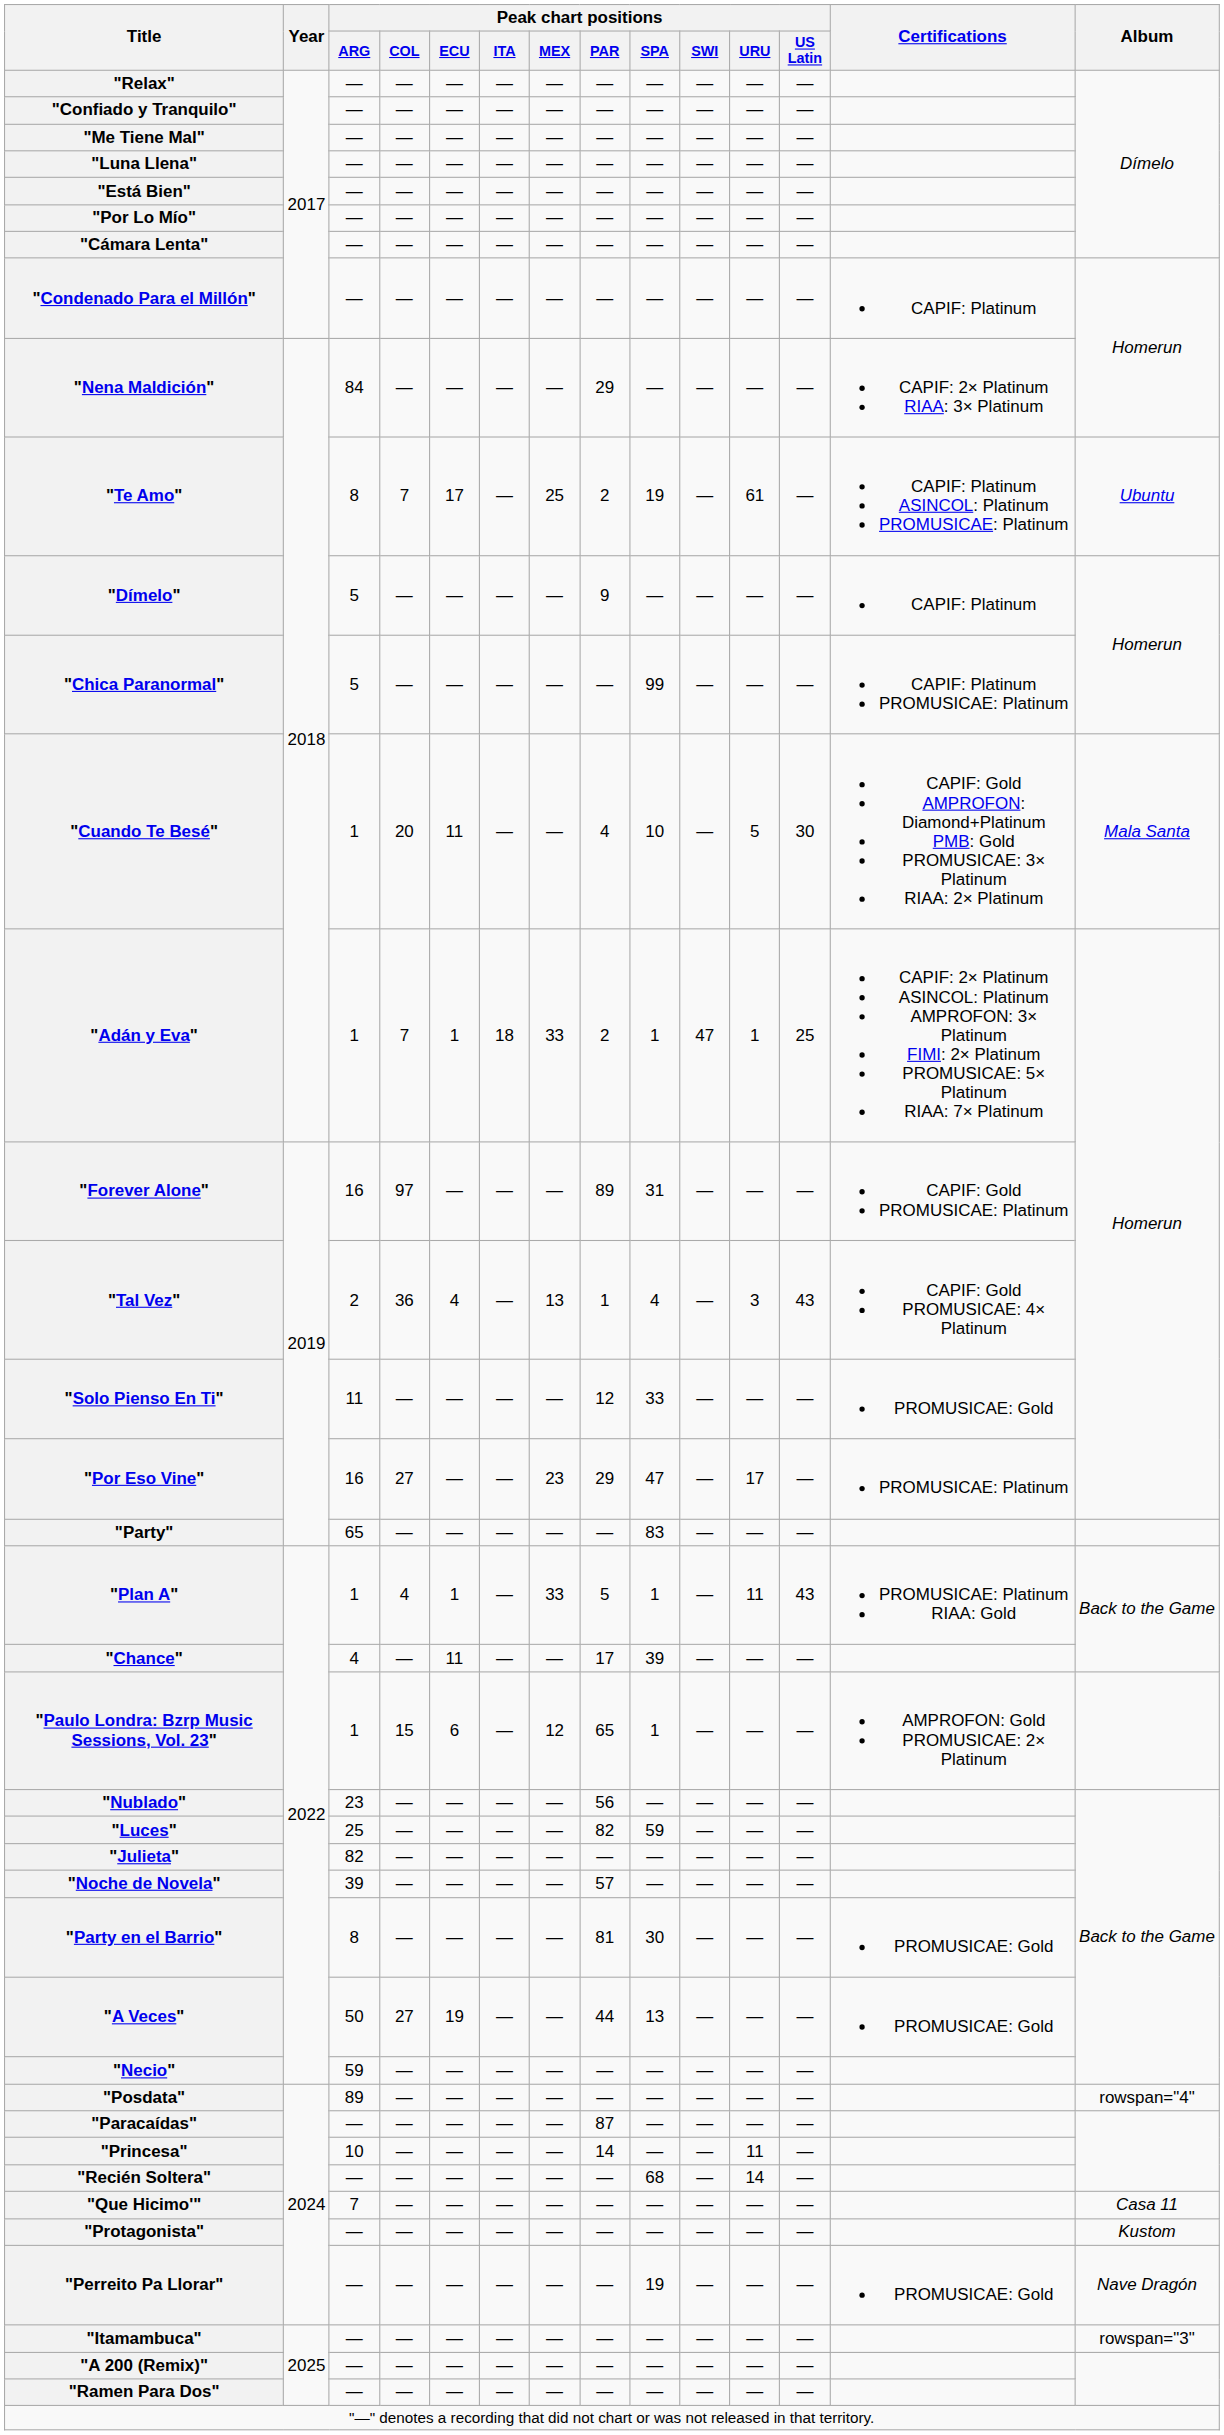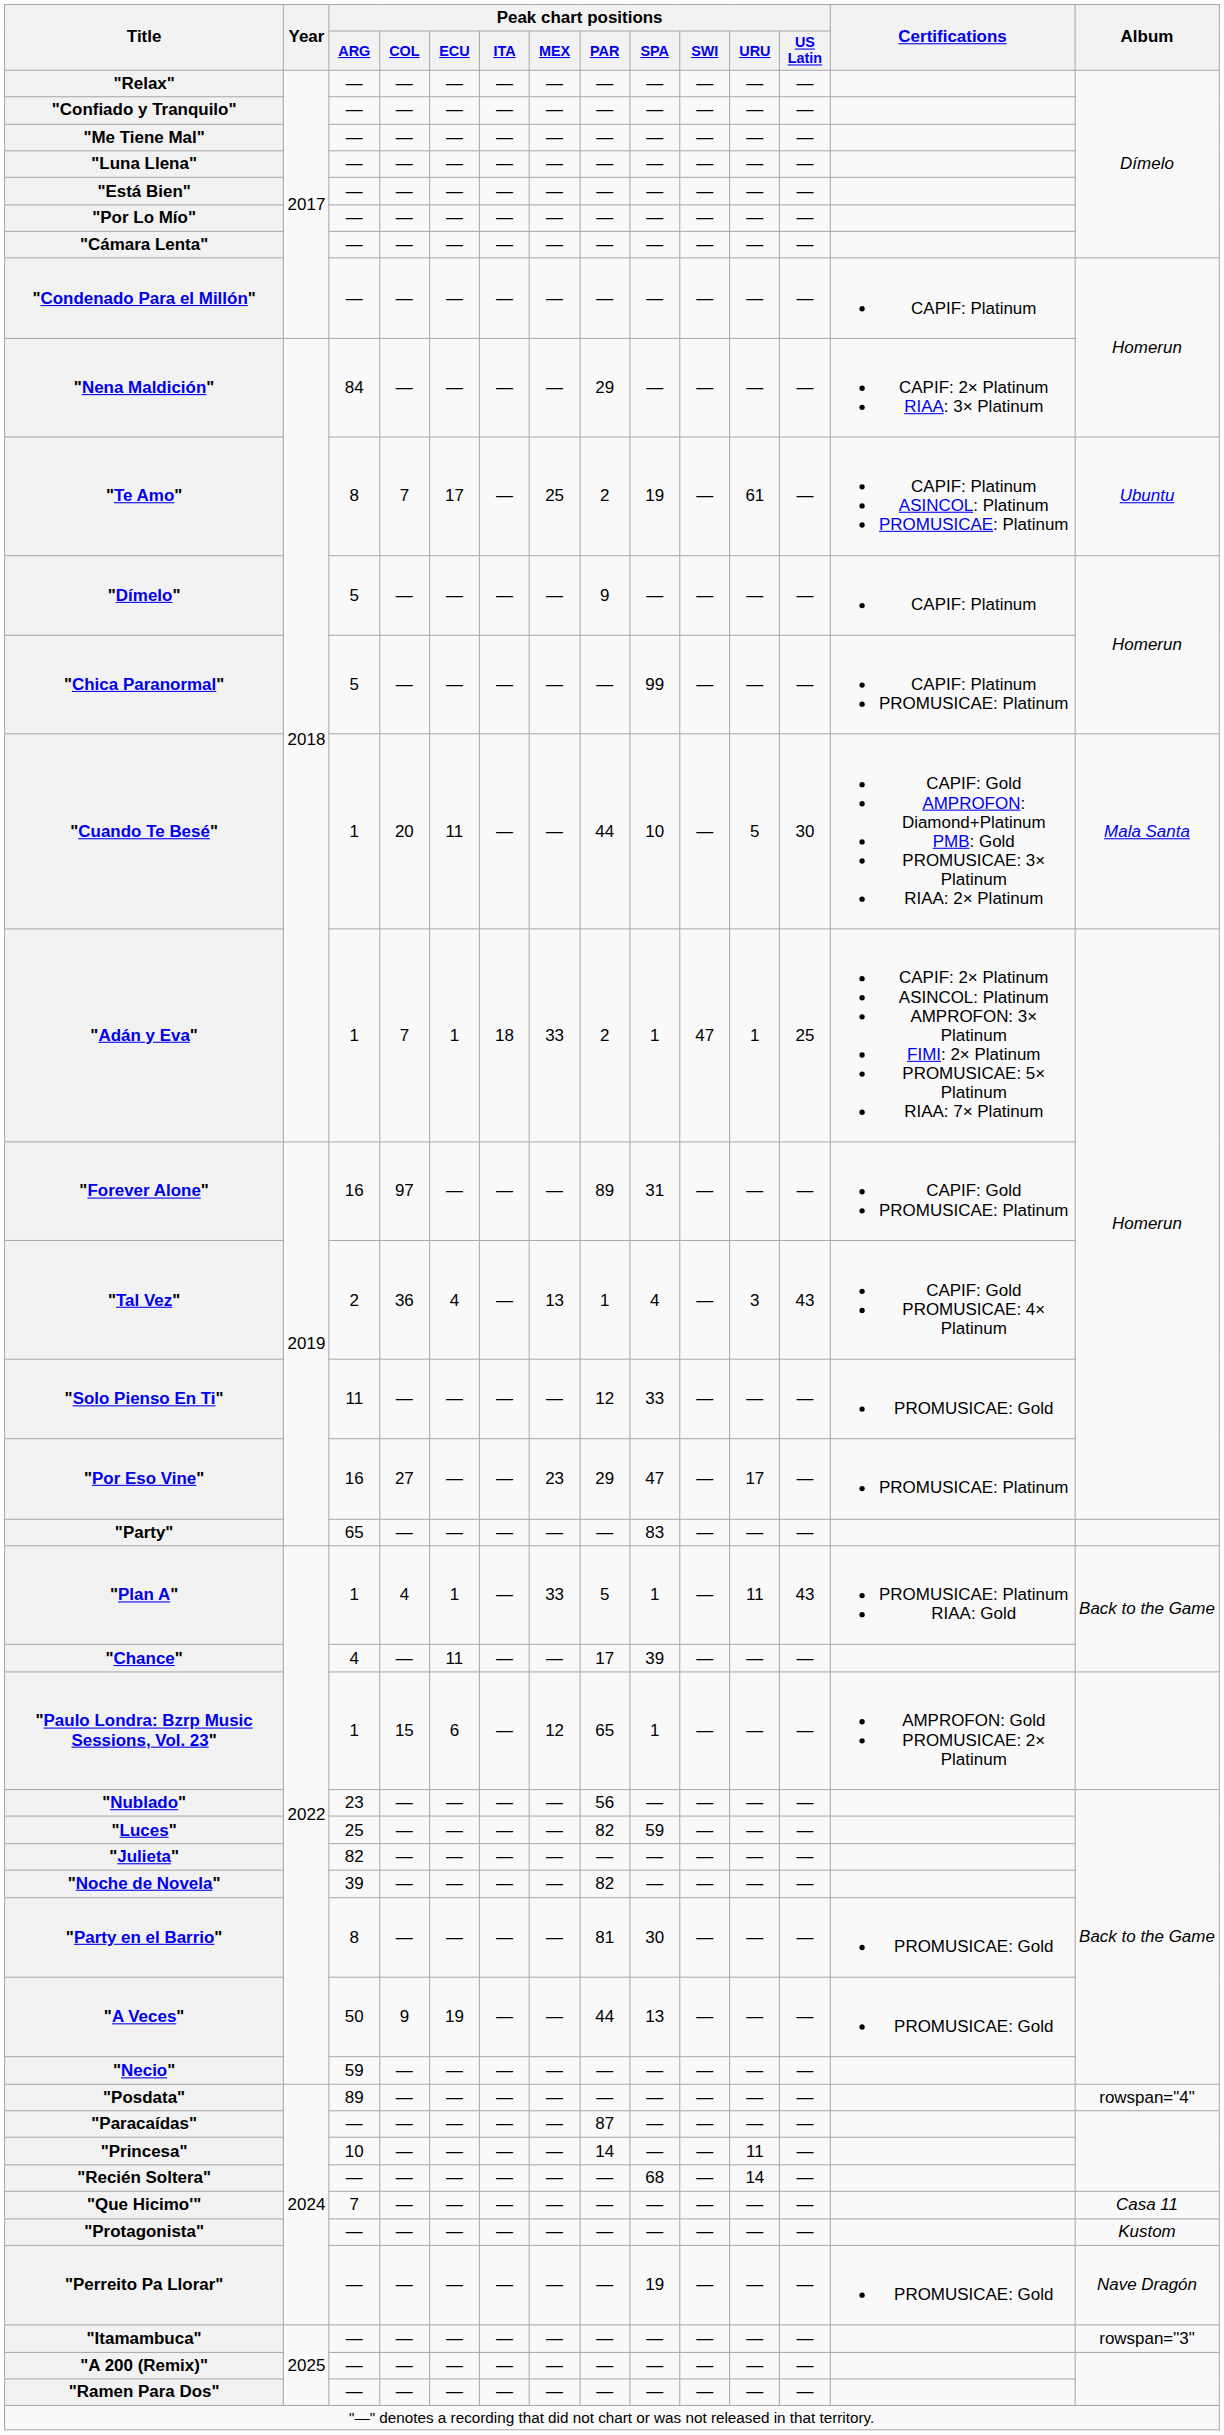 <table class="wikitable plainrowheaders" style="text-align:center;">
 <tr>
 <th scope="col" rowspan="2" style="width:16em;">Title</th>
 <th scope="col" rowspan="2" style="width:1em;">Year</th>
 <th scope="col" colspan="10">Peak chart positions</th>
 <th scope="col" rowspan="2" style="width:14em;"><a href='#'>Certifications</a></th>
 <th scope="col" rowspan="2">Album</th>
 </tr>
 <tr>
 <th scope="col" style="width:3em;font-size:85%;"><a href='#'>ARG</a><br></th>
 <th scope="col" style="width:3em;font-size:85%;"><a href='#'>COL</a><br></th>
 <th scope="col" style="width:3em;font-size:85%;"><a href='#'>ECU</a><br></th>
 <th scope="col" style="width:3em;font-size:85%;"><a href='#'>ITA</a><br></th>
 <th scope="col" style="width:3em;font-size:85%;"><a href='#'>MEX</a><br></th>
 <th scope="col" style="width:3em;font-size:85%;"><a href='#'>PAR</a><br></th>
 <th scope="col" style="width:3em;font-size:85%;"><a href='#'>SPA</a><br></th>
 <th scope="col" style="width:3em;font-size:85%;"><a href='#'>SWI</a><br></th>
 <th scope="col" style="width:3em;font-size:85%;"><a href='#'>URU</a><br></th>
 <th scope="col" style="width:3em;font-size:85%;"><a href='#'>US<br>Latin</a><br></th>
 </tr>
 <tr>
 <th scope="row">"Relax"</th>
 <td rowspan="8">2017</td>
 <td>—</td>
 <td>—</td>
 <td>—</td>
 <td>—</td>
 <td>—</td>
 <td>—</td>
 <td>—</td>
 <td>—</td>
 <td>—</td>
 <td>—</td>
 <td></td>
 <td rowspan="7"><em>Dímelo</em></td>
 </tr>
 <tr>
 <th scope="row">"Confiado y Tranquilo"</th>
 <td>—</td>
 <td>—</td>
 <td>—</td>
 <td>—</td>
 <td>—</td>
 <td>—</td>
 <td>—</td>
 <td>—</td>
 <td>—</td>
 <td>—</td>
 <td></td>
 </tr>
 <tr>
 <th scope="row">"Me Tiene Mal"</th>
 <td>—</td>
 <td>—</td>
 <td>—</td>
 <td>—</td>
 <td>—</td>
 <td>—</td>
 <td>—</td>
 <td>—</td>
 <td>—</td>
 <td>—</td>
 <td></td>
 </tr>
 <tr>
 <th scope="row">"Luna Llena"</th>
 <td>—</td>
 <td>—</td>
 <td>—</td>
 <td>—</td>
 <td>—</td>
 <td>—</td>
 <td>—</td>
 <td>—</td>
 <td>—</td>
 <td>—</td>
 <td></td>
 </tr>
 <tr>
 <th scope="row">"Está Bien"<br></th>
 <td>—</td>
 <td>—</td>
 <td>—</td>
 <td>—</td>
 <td>—</td>
 <td>—</td>
 <td>—</td>
 <td>—</td>
 <td>—</td>
 <td>—</td>
 <td></td>
 </tr>
 <tr>
 <th scope="row">"Por Lo Mío"</th>
 <td>—</td>
 <td>—</td>
 <td>—</td>
 <td>—</td>
 <td>—</td>
 <td>—</td>
 <td>—</td>
 <td>—</td>
 <td>—</td>
 <td>—</td>
 <td></td>
 </tr>
 <tr>
 <th scope="row">"Cámara Lenta"</th>
 <td>—</td>
 <td>—</td>
 <td>—</td>
 <td>—</td>
 <td>—</td>
 <td>—</td>
 <td>—</td>
 <td>—</td>
 <td>—</td>
 <td>—</td>
 <td></td>
 </tr>
 <tr>
 <th scope="row">"<a href='#'>Condenado Para el Millón</a>"</th>
 <td>—</td>
 <td>—</td>
 <td>—</td>
 <td>—</td>
 <td>—</td>
 <td>—</td>
 <td>—</td>
 <td>—</td>
 <td>—</td>
 <td>—</td>
 <td><br><ul><li>CAPIF: Platinum</li></ul></td>
 <td rowspan="2"><em>Homerun</em></td>
 </tr>
 <tr>
 <th scope="row">"<a href='#'>Nena Maldición</a>"<br></th>
 <td rowspan="6">2018</td>
 <td>84</td>
 <td>—</td>
 <td>—</td>
 <td>—</td>
 <td>—</td>
 <td>29</td>
 <td>—</td>
 <td>—</td>
 <td>—</td>
 <td>—</td>
 <td><br><ul><li>CAPIF: 2× Platinum</li><li><a href='#'>RIAA</a>: 3× Platinum </li></ul></td>
 </tr>
 <tr>
 <th scope="row">"<a href='#'>Te Amo</a>"<br></th>
 <td>8</td>
 <td>7</td>
 <td>17</td>
 <td>—</td>
 <td>25</td>
 <td>2</td>
 <td>19</td>
 <td>—</td>
 <td>61</td>
 <td>—</td>
 <td><br><ul><li>CAPIF: Platinum </li><li><a href='#'>ASINCOL</a>: Platinum</li><li><a href='#'>PROMUSICAE</a>: Platinum</li></ul></td>
 <td><em><a href='#'>Ubuntu</a></em></td>
 </tr>
 <tr>
 <th scope="row">"<a href='#'>Dímelo</a>"</th>
 <td>5</td>
 <td>—</td>
 <td>—</td>
 <td>—</td>
 <td>—</td>
 <td>9</td>
 <td>—</td>
 <td>—</td>
 <td>—</td>
 <td>—</td>
 <td><br><ul><li>CAPIF: Platinum</li></ul></td>
 <td rowspan="2"><em>Homerun</em></td>
 </tr>
 <tr>
 <th scope="row">"<a href='#'>Chica Paranormal</a>"</th>
 <td>5</td>
 <td>—</td>
 <td>—</td>
 <td>—</td>
 <td>—</td>
 <td>—</td>
 <td>99</td>
 <td>—</td>
 <td>—</td>
 <td>—</td>
 <td><br><ul><li>CAPIF: Platinum</li><li>PROMUSICAE: Platinum</li></ul></td>
 </tr>
 <tr>
 <th scope="row">"<a href='#'>Cuando Te Besé</a>"<br></th>
 <td>1</td>
 <td>20</td>
 <td>11</td>
 <td>—</td>
 <td>—</td>
-<td>4</td>
+<td>44</td>
 <td>10</td>
 <td>—</td>
 <td>5</td>
 <td>30</td>
 <td><br><ul><li>CAPIF: Gold</li><li><a href='#'>AMPROFON</a>: Diamond+Platinum</li><li><a href='#'>PMB</a>: Gold</li><li>PROMUSICAE: 3× Platinum</li><li>RIAA: 2× Platinum </li></ul></td>
 <td><em><a href='#'>Mala Santa</a></em></td>
 </tr>
 <tr>
 <th scope="row">"<a href='#'>Adán y Eva</a>"</th>
 <td>1</td>
 <td>7</td>
 <td>1</td>
 <td>18</td>
 <td>33</td>
 <td>2</td>
 <td>1</td>
 <td>47</td>
 <td>1</td>
 <td>25</td>
 <td><br><ul><li>CAPIF: 2× Platinum</li><li>ASINCOL: Platinum</li><li>AMPROFON: 3× Platinum</li><li><a href='#'>FIMI</a>: 2× Platinum</li><li>PROMUSICAE: 5× Platinum</li><li>RIAA: 7× Platinum </li></ul></td>
 <td rowspan="5"><em>Homerun</em></td>
 </tr>
 <tr>
 <th scope="row">"<a href='#'>Forever Alone</a>"</th>
 <td rowspan="5">2019</td>
 <td>16</td>
 <td>97</td>
 <td>—</td>
 <td>—</td>
 <td>—</td>
 <td>89</td>
 <td>31</td>
 <td>—</td>
 <td>—</td>
 <td>—</td>
 <td><br><ul><li>CAPIF: Gold</li><li>PROMUSICAE: Platinum</li></ul></td>
 </tr>
 <tr>
 <th scope="row">"<a href='#'>Tal Vez</a>"</th>
 <td>2</td>
 <td>36</td>
 <td>4</td>
 <td>—</td>
 <td>13</td>
 <td>1</td>
 <td>4</td>
 <td>—</td>
 <td>3</td>
 <td>43</td>
 <td><br><ul><li>CAPIF: Gold</li><li>PROMUSICAE: 4× Platinum</li></ul></td>
 </tr>
 <tr>
 <th scope="row">"<a href='#'>Solo Pienso En Ti</a>"<br></th>
 <td>11</td>
 <td>—</td>
 <td>—</td>
 <td>—</td>
 <td>—</td>
 <td>12</td>
 <td>33</td>
 <td>—</td>
 <td>—</td>
 <td>—</td>
 <td><br><ul><li>PROMUSICAE: Gold</li></ul></td>
 </tr>
 <tr>
 <th scope="row">"<a href='#'>Por Eso Vine</a>"</th>
 <td>16</td>
 <td>27</td>
 <td>—</td>
 <td>—</td>
 <td>23</td>
 <td>29</td>
 <td>47</td>
 <td>—</td>
 <td>17</td>
 <td>—</td>
 <td><br><ul><li>PROMUSICAE: Platinum</li></ul></td>
 </tr>
 <tr>
 <th scope="row">"Party"<br></th>
 <td>65</td>
 <td>—</td>
 <td>—</td>
 <td>—</td>
 <td>—</td>
 <td>—</td>
 <td>83</td>
 <td>—</td>
 <td>—</td>
 <td>—</td>
 <td></td>
 <td></td>
 </tr>
 <tr>
 <th scope="row">"<a href='#'>Plan A</a>"</th>
 <td rowspan="10">2022</td>
 <td>1</td>
 <td>4</td>
 <td>1</td>
 <td>—</td>
 <td>33</td>
 <td>5</td>
 <td>1</td>
 <td>—</td>
 <td>11</td>
 <td>43</td>
 <td><br><ul><li>PROMUSICAE: Platinum</li><li>RIAA: Gold </li></ul></td>
 <td rowspan="2"><em>Back to the Game</em></td>
 </tr>
 <tr>
 <th scope="row">"<a href='#'>Chance</a>"</th>
 <td>4</td>
 <td>—</td>
 <td>11</td>
 <td>—</td>
 <td>—</td>
 <td>17</td>
 <td>39</td>
 <td>—</td>
 <td>—</td>
 <td>—</td>
 <td></td>
 </tr>
 <tr>
 <th scope="row">"<a href='#'>Paulo Londra: Bzrp Music Sessions, Vol. 23</a>"<br></th>
 <td>1</td>
 <td>15</td>
 <td>6</td>
 <td>—</td>
 <td>12</td>
 <td>65</td>
 <td>1</td>
 <td>—</td>
 <td>—</td>
 <td>—</td>
 <td><br><ul><li>AMPROFON: Gold</li><li>PROMUSICAE: 2× Platinum</li></ul></td>
 <td></td>
 </tr>
 <tr>
 <th scope="row">"<a href='#'>Nublado</a>"<br></th>
 <td>23</td>
 <td>—</td>
 <td>—</td>
 <td>—</td>
 <td>—</td>
 <td>56</td>
 <td>—</td>
 <td>—</td>
 <td>—</td>
 <td>—</td>
 <td></td>
 <td rowspan="7"><em>Back to the Game</em></td>
 </tr>
 <tr>
 <th scope="row">"<a href='#'>Luces</a>"</th>
 <td>25</td>
 <td>—</td>
 <td>—</td>
 <td>—</td>
 <td>—</td>
 <td>82</td>
 <td>59</td>
 <td>—</td>
 <td>—</td>
 <td>—</td>
 <td></td>
 </tr>
 <tr>
 <th scope="row">"<a href='#'>Julieta</a>"</th>
 <td>82</td>
 <td>—</td>
 <td>—</td>
 <td>—</td>
 <td>—</td>
 <td>—</td>
 <td>—</td>
 <td>—</td>
 <td>—</td>
 <td>—</td>
 <td></td>
 </tr>
 <tr>
 <th scope="row">"<a href='#'>Noche de Novela</a>"<br></th>
 <td>39</td>
 <td>—</td>
 <td>—</td>
 <td>—</td>
 <td>—</td>
-<td>57</td>
+<td>82</td>
 <td>—</td>
 <td>—</td>
 <td>—</td>
 <td>—</td>
 <td></td>
 </tr>
 <tr>
 <th scope="row">"<a href='#'>Party en el Barrio</a>"<br></th>
 <td>8</td>
 <td>—</td>
 <td>—</td>
 <td>—</td>
 <td>—</td>
 <td>81</td>
 <td>30</td>
 <td>—</td>
 <td>—</td>
 <td>—</td>
 <td><br><ul><li>PROMUSICAE: Gold</li></ul></td>
 </tr>
 <tr>
 <th scope="row">"<a href='#'>A Veces</a>"<br></th>
 <td>50</td>
-<td>27</td>
+<td>9</td>
 <td>19</td>
 <td>—</td>
 <td>—</td>
 <td>44</td>
 <td>13</td>
 <td>—</td>
 <td>—</td>
 <td>—</td>
 <td><br><ul><li>PROMUSICAE: Gold</li></ul></td>
 </tr>
 <tr>
 <th scope="row">"<a href='#'>Necio</a>"<br></th>
 <td>59</td>
 <td>—</td>
 <td>—</td>
 <td>—</td>
 <td>—</td>
 <td>—</td>
 <td>—</td>
 <td>—</td>
 <td>—</td>
 <td>—</td>
 <td></td>
 </tr>
 <tr>
 <th scope="row">"Posdata"</th>
 <td rowspan="7">2024</td>
 <td>89</td>
 <td>—</td>
 <td>—</td>
 <td>—</td>
 <td>—</td>
 <td>—</td>
 <td>—</td>
 <td>—</td>
 <td>—</td>
 <td>—</td>
 <td></td>
 <td>rowspan="4" </td>
 </tr>
 <tr>
 <th scope="row">"Paracaídas"</th>
 <td>—</td>
 <td>—</td>
 <td>—</td>
 <td>—</td>
 <td>—</td>
 <td>87</td>
 <td>—</td>
 <td>—</td>
 <td>—</td>
 <td>—</td>
 <td></td>
 </tr>
 <tr>
 <th scope="row">"Princesa"<br></th>
 <td>10</td>
 <td>—</td>
 <td>—</td>
 <td>—</td>
 <td>—</td>
 <td>14</td>
 <td>—</td>
 <td>—</td>
 <td>11</td>
 <td>—</td>
 <td></td>
 </tr>
 <tr>
 <th scope="row">"Recién Soltera"</th>
 <td>—</td>
 <td>—</td>
 <td>—</td>
 <td>—</td>
 <td>—</td>
 <td>—</td>
 <td>68</td>
 <td>—</td>
 <td>14</td>
 <td>—</td>
 <td></td>
 </tr>
 <tr>
 <th scope="row">"Que Hicimo'"<br></th>
 <td>7</td>
 <td>—</td>
 <td>—</td>
 <td>—</td>
 <td>—</td>
 <td>—</td>
 <td>—</td>
 <td>—</td>
 <td>—</td>
 <td>—</td>
 <td></td>
 <td><em>Casa 11</em></td>
 </tr>
 <tr>
 <th scope="row">"Protagonista"<br></th>
 <td>—</td>
 <td>—</td>
 <td>—</td>
 <td>—</td>
 <td>—</td>
 <td>—</td>
 <td>—</td>
 <td>—</td>
 <td>—</td>
 <td>—</td>
 <td></td>
 <td><em>Kustom</em></td>
 </tr>
 <tr>
 <th scope="row">"Perreito Pa Llorar"<br></th>
 <td>—</td>
 <td>—</td>
 <td>—</td>
 <td>—</td>
 <td>—</td>
 <td>—</td>
 <td>19</td>
 <td>—</td>
 <td>—</td>
 <td>—</td>
 <td><br><ul><li>PROMUSICAE: Gold</li></ul></td>
 <td><em>Nave Dragón</em></td>
 </tr>
 <tr>
 <th scope="row">"Itamambuca"<br></th>
 <td rowspan="3">2025</td>
 <td>—</td>
 <td>—</td>
 <td>—</td>
 <td>—</td>
 <td>—</td>
 <td>—</td>
 <td>—</td>
 <td>—</td>
 <td>—</td>
 <td>—</td>
 <td></td>
 <td>rowspan="3" </td>
 </tr>
 <tr>
 <th scope="row">"A 200 (Remix)"<br></th>
 <td>—</td>
 <td>—</td>
 <td>—</td>
 <td>—</td>
 <td>—</td>
 <td>—</td>
 <td>—</td>
 <td>—</td>
 <td>—</td>
 <td>—</td>
 <td></td>
 </tr>
 <tr>
 <th scope="row">"Ramen Para Dos"<br></th>
 <td>—</td>
 <td>—</td>
 <td>—</td>
 <td>—</td>
 <td>—</td>
 <td>—</td>
 <td>—</td>
 <td>—</td>
 <td>—</td>
 <td>—</td>
 <td></td>
 </tr>
 <tr>
 <td colspan="15" style="font-size:90%">"—" denotes a recording that did not chart or was not released in that territory.</td>
 </tr>
 </table>
